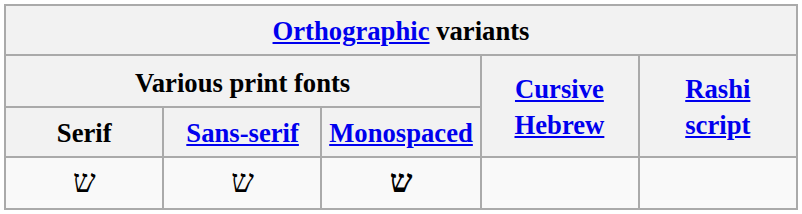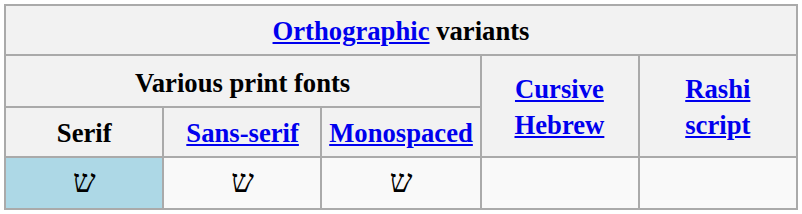 <table class="wikitable" style="text-align:center;">
 <tr>
 <th colspan="5"><small><a href='#'>Orthographic</a> variants</small></th>
 </tr>
 <tr>
 <th colspan="3"><small>Various print fonts</small></th>
 <th rowspan="2"><small><a href='#'>Cursive<br>Hebrew</a></small></th>
 <th rowspan="2"><small><a href='#'>Rashi<br>script</a></small></th>
 </tr>
 <tr>
 <th><small>Serif</small></th>
 <th><small><a href='#'>Sans-serif</a></small></th>
 <th><small><a href='#'>Monospaced</a></small></th>
 </tr>
 <tr>
+<td width="20%" style="background: lightblue;"><span>ש</span></td>
 <td width="20%"><span>ש</span></td>
 <td width="20%"><span>ש</span></td>
-<td width="20%"><strong><span>ש</span></strong></td>
 <td width="20%"></td>
 <td width="20%"></td>
 </tr>
 </table>
